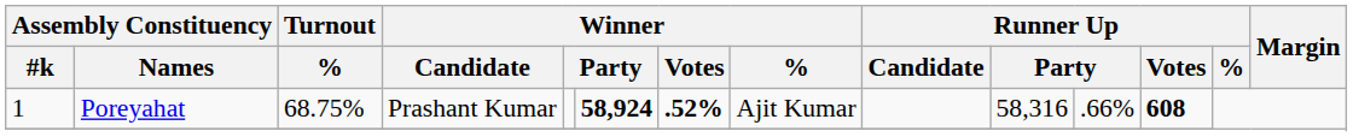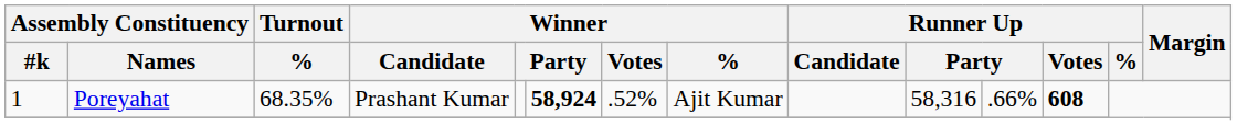 <table class="wikitable sortable">
 <tr>
 <th colspan="2">Assembly Constituency</th>
 <th>Turnout</th>
 <th colspan="5">Winner</th>
 <th colspan="5">Runner Up</th>
 <th rowspan="2" data-sort-type=number>Margin</th>
 </tr>
 <tr>
 <th>#k</th>
 <th>Names</th>
 <th>%</th>
 <th>Candidate</th>
 <th colspan="2">Party</th>
 <th data-sort-type=number>Votes</th>
 <th>%</th>
 <th>Candidate</th>
 <th colspan="2">Party</th>
 <th data-sort-type=number>Votes</th>
 <th>%</th>
 </tr>
 <tr>
 <td>1</td>
 <td><a href='#'>Poreyahat</a></td>
-<td>68.75%</td>
+<td>68.35%</td>
 <td>Prashant Kumar</td>
 <td></td>
 <td><strong>58,924</strong></td>
-<td><strong>.52%</strong></td>
+<td>.52%</td>
 <td>Ajit Kumar</td>
 <td></td>
 <td>58,316</td>
 <td>.66%</td>
 <td style="background:"><span><strong>608</strong></span></td>
 </tr>
 <tr>
 </tr>
 </table>
